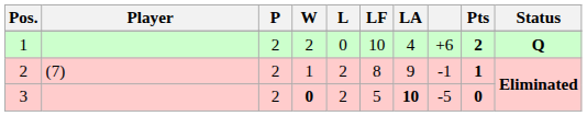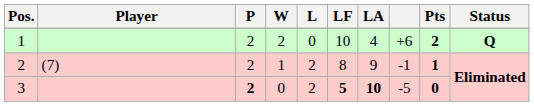 <table class="wikitable" style="text-align:center; margin: 1em auto 1em auto, align:left">
 <tr>
 <th width=25>Pos.</th>
 <th width=200>Player</th>
 <th width=25>P</th>
 <th width=25>W</th>
 <th width=25>L</th>
 <th width=25>LF</th>
 <th width=25>LA</th>
 <th width=25></th>
 <th width=25>Pts</th>
 <th width=75>Status</th>
 </tr>
 <tr>
 </tr>
 <tr style="background:#CCFFCC;">
 <td>1</td>
 <td align=left></td>
 <td>2</td>
 <td>2</td>
 <td>0</td>
 <td>10</td>
 <td>4</td>
 <td>+6</td>
 <td><strong>2</strong></td>
 <td><strong>Q</strong></td>
 </tr>
 <tr style="background:#FFCCCC;">
 <td>2</td>
 <td align=left> (7)</td>
 <td>2</td>
 <td>1</td>
 <td>2</td>
 <td>8</td>
 <td>9</td>
 <td>-1</td>
 <td><strong>1</strong></td>
 <td rowspan=2><strong>Eliminated</strong></td>
 </tr>
 <tr style="background:#FFCCCC;">
 <td>3</td>
 <td align=left></td>
+<td><strong>2</strong></td>
+<td>0</td>
 <td>2</td>
-<td><strong>0</strong></td>
-<td>2</td>
-<td>5</td>
+<td><strong>5</strong></td>
 <td><strong>10</strong></td>
 <td>-5</td>
 <td><strong>0</strong></td>
 </tr>
 </table>
